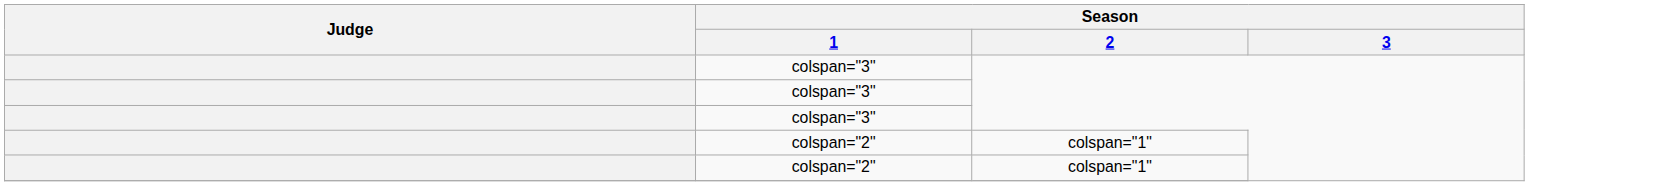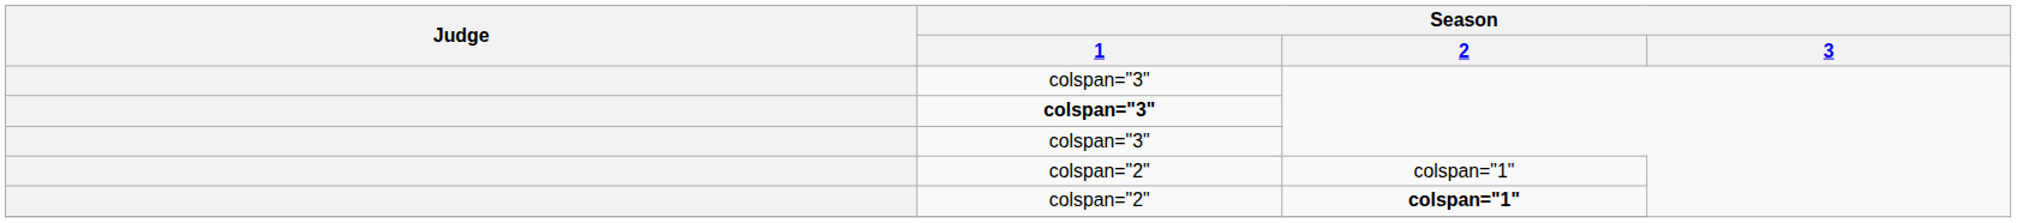 <table class="wikitable plainrowheaders" style="text-align:center">
 <tr>
 <th rowspan="2" style="width:15%;" scope="col">Judge</th>
 <th colspan="3">Season</th>
 </tr>
 <tr>
 <th style="width:6%;" scope="colspan"><a href='#'>1</a></th>
 <th style="width:6%;" scope="colspan"><a href='#'>2</a></th>
 <th style="width:6%;" scope="colspan"><a href='#'>3</a></th>
 </tr>
 <tr>
 <th scope="row" style="text-align: center;"></th>
 <td>colspan="3" </td>
 </tr>
 <tr>
 <th scope="row" style="text-align: center;"></th>
-<td>colspan="3" </td>
+<td><strong>colspan="3" </strong></td>
 </tr>
 <tr>
 <th scope="row" style="text-align: center;"></th>
 <td>colspan="3" </td>
 </tr>
 <tr>
 <th scope="row" style="text-align: center;"></th>
 <td>colspan="2" </td>
 <td>colspan="1" </td>
 </tr>
 <tr>
 <th scope="row" style="text-align: center;"></th>
 <td>colspan="2" </td>
-<td>colspan="1" </td>
+<td><strong>colspan="1" </strong></td>
 </tr>
 <tr>
 </tr>
 </table>
